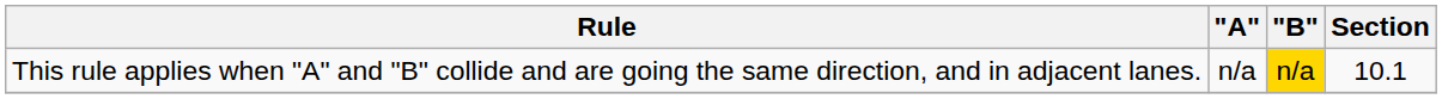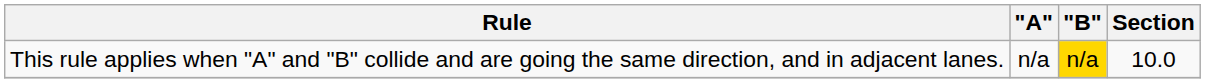 <table class="wikitable">
 <tr>
 <th style="text-align: center;">Rule</th>
 <th style="text-align: center;">"A"</th>
 <th style="text-align: center;">"B"</th>
 <th style="text-align: center;">Section</th>
 </tr>
 <tr>
 <td style="text-align: center;">This rule applies when "A" and "B" collide and are going the same direction, and in adjacent lanes.</td>
 <td style="text-align: center;">n/a</td>
 <td style="background: gold; text-align: center;">n/a</td>
-<td style="text-align: center;">10.1</td>
+<td style="text-align: center;">10.0</td>
 </tr>
 <tr>
 </tr>
 </table>
